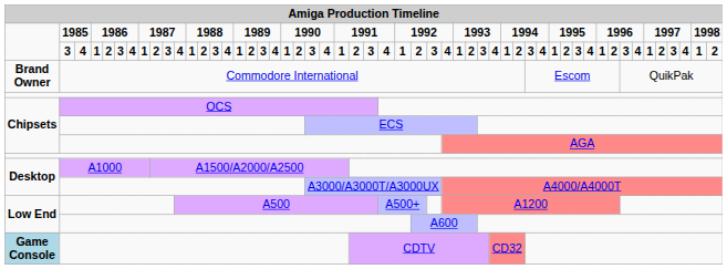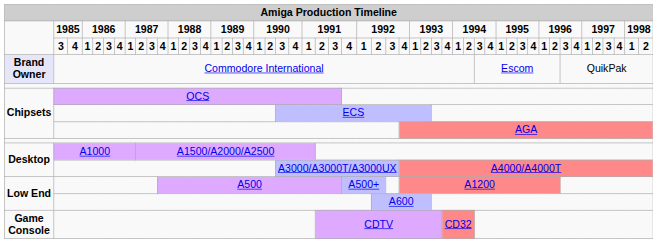 <table class="wikitable" style="text-align: center;">
 <tr>
 <th colspan="53" style="background:#CECECE;">Amiga Production Timeline</th>
 </tr>
 <tr style="font-weight: bold;">
 <td rowspan="2" style="width:10em"></td>
 <td colspan="2">1985</td>
 <td colspan="4">1986</td>
 <td colspan="4">1987</td>
 <td colspan="4">1988</td>
 <td colspan="4">1989</td>
 <td colspan="4">1990</td>
 <td colspan="4">1991</td>
 <td colspan="4">1992</td>
 <td colspan="4">1993</td>
 <td colspan="4">1994</td>
 <td colspan="4">1995</td>
 <td colspan="4">1996</td>
 <td colspan="4">1997</td>
 <td colspan="4">1998</td>
 </tr>
 <tr style="font-weight:bold">
 <td>3</td>
 <td>4</td>
 <td>1</td>
 <td>2</td>
 <td>3</td>
 <td>4</td>
 <td>1</td>
 <td>2</td>
 <td>3</td>
 <td>4</td>
 <td>1</td>
 <td>2</td>
 <td>3</td>
 <td>4</td>
 <td>1</td>
 <td>2</td>
 <td>3</td>
 <td>4</td>
 <td>1</td>
 <td>2</td>
 <td>3</td>
 <td>4</td>
 <td>1</td>
 <td>2</td>
 <td>3</td>
 <td>4</td>
 <td>1</td>
 <td>2</td>
 <td>3</td>
 <td>4</td>
 <td>1</td>
 <td>2</td>
 <td>3</td>
 <td>4</td>
 <td>1</td>
 <td>2</td>
 <td>3</td>
 <td>4</td>
 <td>1</td>
 <td>2</td>
 <td>3</td>
 <td>4</td>
 <td>1</td>
 <td>2</td>
 <td>3</td>
 <td>4</td>
 <td>1</td>
 <td>2</td>
 <td>3</td>
 <td>4</td>
 <td>1</td>
 <td>2</td>
 </tr>
 <tr>
-<td><strong>Brand Owner</strong></td>
+<td style="background: lavender;"><strong>Brand Owner</strong></td>
 <td colspan="36"><a href='#'>Commodore International</a> </td>
 <td colspan="8"><a href='#'>Escom</a> </td>
 <td colspan="8">QuikPak </td>
 </tr>
 <tr>
 <td colspan=53></td>
 </tr>
 <tr>
 <td rowspan=3><strong>Chipsets</strong></td>
 <td colspan=25 style="background:#ddaaff"><a href='#'>OCS</a></td>
 <td colspan=27></td>
 </tr>
 <tr>
 <td colspan=20></td>
 <td colspan=12 style="background:#bfbfff"><a href='#'>ECS</a></td>
 <td colspan=20></td>
 </tr>
 <tr>
 <td colspan=29></td>
 <td colspan=23 style="background:#ff8888"><a href='#'>AGA</a></td>
 </tr>
 <tr>
 <td colspan=53></td>
 </tr>
 <tr>
 <td rowspan="2"><strong>Desktop</strong></td>
 <td colspan="7" style="background:#ddaaff"><a href='#'>A1000</a> </td>
 <td colspan="16" style="background:#ddaaff"><a href='#'>A1500/A2000/A2500</a> </td>
 <td colspan="29"></td>
 </tr>
 <tr>
 <td colspan="20"></td>
 <td colspan="9" style="background:#bfbfff"><a href='#'>A3000/A3000T/A3000UX</a> </td>
 <td colspan="23" style="background:#ff8888"><a href='#'>A4000/A4000T</a> </td>
 </tr>
 <tr>
 <td rowspan="2"><strong>Low End</strong></td>
 <td colspan="9"></td>
 <td colspan="16" style="background:#ddaaff"><a href='#'>A500</a> </td>
 <td colspan="3" style="background:#bfbfff"><a href='#'>A500+</a> </td>
 <td></td>
 <td colspan="15" style="background:#ff8888"><a href='#'>A1200</a> </td>
 <td colspan="8"></td>
 </tr>
 <tr>
 <td colspan="27"></td>
 <td colspan="5" style="background:#bfbfff"><a href='#'>A600</a> </td>
 <td colspan="20"></td>
 </tr>
 <tr>
-<td style="background: lightblue;"><strong>Game Console</strong></td>
+<td><strong>Game Console</strong></td>
 <td colspan="23"></td>
 <td colspan="10" style="background:#ddaaff"><a href='#'>CDTV</a> </td>
 <td colspan="3" style="background:#ff8888"><a href='#'>CD32</a> </td>
 <td colspan="16"></td>
 </tr>
 </table>
